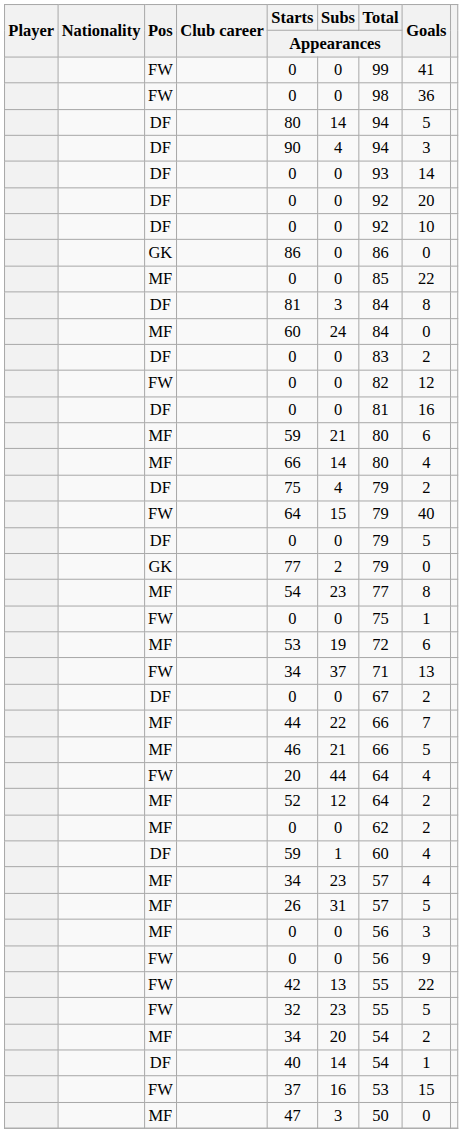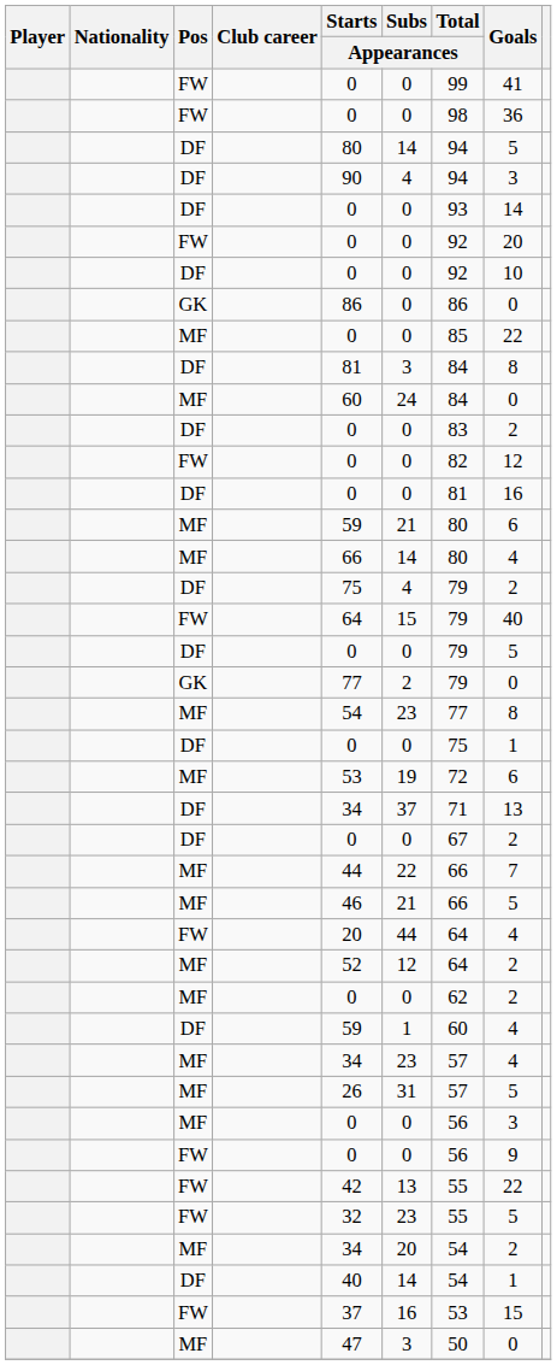 <table class="wikitable sortable plainrowheaders" style="text-align:center;">
 <tr>
 <th scope=col rowspan="2">Player</th>
 <th scope=col rowspan="2">Nationality</th>
 <th scope=col rowspan="2">Pos</th>
 <th scope=col rowspan="2">Club career</th>
 <th scope=col>Starts</th>
 <th scope=col>Subs</th>
 <th scope=col>Total</th>
 <th rowspan="2" scope=col>Goals</th>
 <th rowspan=2></th>
 </tr>
 <tr class=unsortable>
 <th scope=col colspan="3">Appearances</th>
 </tr>
 <tr>
 <th scope=row></th>
 <td style="text-align:left"></td>
 <td>FW</td>
 <td></td>
 <td>0</td>
 <td>0</td>
 <td>99</td>
 <td>41</td>
 <td></td>
 </tr>
 <tr>
 <th scope=row></th>
 <td style="text-align:left"></td>
 <td>FW</td>
 <td></td>
 <td>0</td>
 <td>0</td>
 <td>98</td>
 <td>36</td>
 <td></td>
 </tr>
 <tr>
 <th scope=row><strong></strong></th>
 <td style="text-align:left"></td>
 <td>DF</td>
 <td></td>
 <td>80</td>
 <td>14</td>
 <td>94</td>
 <td>5</td>
 <td></td>
 </tr>
 <tr>
 <th scope=row></th>
 <td style="text-align:left"></td>
 <td>DF</td>
 <td></td>
 <td>90</td>
 <td>4</td>
 <td>94</td>
 <td>3</td>
 <td></td>
 </tr>
 <tr>
 <th scope=row></th>
 <td style="text-align:left"></td>
 <td>DF</td>
 <td></td>
 <td>0</td>
 <td>0</td>
 <td>93</td>
 <td>14</td>
 <td></td>
 </tr>
 <tr>
 <th scope=row></th>
 <td style="text-align:left"></td>
-<td>DF</td>
+<td>FW</td>
 <td></td>
 <td>0</td>
 <td>0</td>
 <td>92</td>
 <td>20</td>
 <td></td>
 </tr>
 <tr>
 <th scope=row></th>
 <td style="text-align:left"></td>
 <td>DF</td>
 <td></td>
 <td>0</td>
 <td>0</td>
 <td>92</td>
 <td>10</td>
 <td></td>
 </tr>
 <tr>
 <th scope=row><strong></strong></th>
 <td style="text-align:left"></td>
 <td>GK</td>
 <td></td>
 <td>86</td>
 <td>0</td>
 <td>86</td>
 <td>0</td>
 <td></td>
 </tr>
 <tr>
 <th scope=row></th>
 <td style="text-align:left"></td>
 <td>MF</td>
 <td></td>
 <td>0</td>
 <td>0</td>
 <td>85</td>
 <td>22</td>
 <td></td>
 </tr>
 <tr>
 <th scope=row></th>
 <td style="text-align:left"></td>
 <td>DF</td>
 <td></td>
 <td>81</td>
 <td>3</td>
 <td>84</td>
 <td>8</td>
 <td></td>
 </tr>
 <tr>
 <th scope=row></th>
 <td style="text-align:left"></td>
 <td>MF</td>
 <td></td>
 <td>60</td>
 <td>24</td>
 <td>84</td>
 <td>0</td>
 <td></td>
 </tr>
 <tr>
 <th scope=row></th>
 <td style="text-align:left"></td>
 <td>DF</td>
 <td></td>
 <td>0</td>
 <td>0</td>
 <td>83</td>
 <td>2</td>
 <td></td>
 </tr>
 <tr>
 <th scope=row></th>
 <td style="text-align:left"></td>
 <td>FW</td>
 <td></td>
 <td>0</td>
 <td>0</td>
 <td>82</td>
 <td>12</td>
 <td></td>
 </tr>
 <tr>
 <th scope=row></th>
 <td style="text-align:left"></td>
 <td>DF</td>
 <td></td>
 <td>0</td>
 <td>0</td>
 <td>81</td>
 <td>16</td>
 <td></td>
 </tr>
 <tr>
 <th scope=row><strong></strong></th>
 <td style="text-align:left"></td>
 <td>MF</td>
 <td></td>
 <td>59</td>
 <td>21</td>
 <td>80</td>
 <td>6</td>
 <td></td>
 </tr>
 <tr>
 <th scope=row></th>
 <td style="text-align:left"></td>
 <td>MF</td>
 <td></td>
 <td>66</td>
 <td>14</td>
 <td>80</td>
 <td>4</td>
 <td></td>
 </tr>
 <tr>
 <th scope=row></th>
 <td style="text-align:left"></td>
 <td>DF</td>
 <td></td>
 <td>75</td>
 <td>4</td>
 <td>79</td>
 <td>2</td>
 <td></td>
 </tr>
 <tr>
 <th scope=row></th>
 <td style="text-align:left"></td>
 <td>FW</td>
 <td></td>
 <td>64</td>
 <td>15</td>
 <td>79</td>
 <td>40</td>
 <td></td>
 </tr>
 <tr>
 <th scope=row></th>
 <td style="text-align:left"></td>
 <td>DF</td>
 <td></td>
 <td>0</td>
 <td>0</td>
 <td>79</td>
 <td>5</td>
 <td></td>
 </tr>
 <tr>
 <th scope=row></th>
 <td style="text-align:left"></td>
 <td>GK</td>
 <td></td>
 <td>77</td>
 <td>2</td>
 <td>79</td>
 <td>0</td>
 <td></td>
 </tr>
 <tr>
 <th scope=row></th>
 <td style="text-align:left"></td>
 <td>MF</td>
 <td></td>
 <td>54</td>
 <td>23</td>
 <td>77</td>
 <td>8</td>
 <td></td>
 </tr>
 <tr>
 <th scope=row></th>
 <td style="text-align:left"></td>
-<td>FW</td>
+<td>DF</td>
 <td></td>
 <td>0</td>
 <td>0</td>
 <td>75</td>
 <td>1</td>
 <td></td>
 </tr>
 <tr>
 <th scope=row></th>
 <td style="text-align:left"></td>
 <td>MF</td>
 <td></td>
 <td>53</td>
 <td>19</td>
 <td>72</td>
 <td>6</td>
 <td></td>
 </tr>
 <tr>
 <th scope=row></th>
 <td style="text-align:left"></td>
-<td>FW</td>
+<td>DF</td>
 <td></td>
 <td>34</td>
 <td>37</td>
 <td>71</td>
 <td>13</td>
 <td></td>
 </tr>
 <tr>
 <th scope=row></th>
 <td style="text-align:left"></td>
 <td>DF</td>
 <td></td>
 <td>0</td>
 <td>0</td>
 <td>67</td>
 <td>2</td>
 <td></td>
 </tr>
 <tr>
 <th scope=row><strong></strong></th>
 <td style="text-align:left"></td>
 <td>MF</td>
 <td></td>
 <td>44</td>
 <td>22</td>
 <td>66</td>
 <td>7</td>
 <td></td>
 </tr>
 <tr>
 <th scope=row></th>
 <td style="text-align:left"></td>
 <td>MF</td>
 <td></td>
 <td>46</td>
 <td>21</td>
 <td>66</td>
 <td>5</td>
 <td></td>
 </tr>
 <tr>
 <th scope=row></th>
 <td style="text-align:left"></td>
 <td>FW</td>
 <td></td>
 <td>20</td>
 <td>44</td>
 <td>64</td>
 <td>4</td>
 <td></td>
 </tr>
 <tr>
 <th scope=row></th>
 <td style="text-align:left"></td>
 <td>MF</td>
 <td></td>
 <td>52</td>
 <td>12</td>
 <td>64</td>
 <td>2</td>
 <td></td>
 </tr>
 <tr>
 <th scope=row></th>
 <td style="text-align:left"></td>
 <td>MF</td>
 <td></td>
 <td>0</td>
 <td>0</td>
 <td>62</td>
 <td>2</td>
 <td></td>
 </tr>
 <tr>
 <th scope=row></th>
 <td style="text-align:left"></td>
 <td>DF</td>
 <td></td>
 <td>59</td>
 <td>1</td>
 <td>60</td>
 <td>4</td>
 <td></td>
 </tr>
 <tr>
 <th scope=row></th>
 <td style="text-align:left"></td>
 <td>MF</td>
 <td></td>
 <td>34</td>
 <td>23</td>
 <td>57</td>
 <td>4</td>
 <td></td>
 </tr>
 <tr>
 <th scope=row></th>
 <td style="text-align:left"></td>
 <td>MF</td>
 <td></td>
 <td>26</td>
 <td>31</td>
 <td>57</td>
 <td>5</td>
 <td></td>
 </tr>
 <tr>
 <th scope=row></th>
 <td style="text-align:left"></td>
 <td>MF</td>
 <td></td>
 <td>0</td>
 <td>0</td>
 <td>56</td>
 <td>3</td>
 <td></td>
 </tr>
 <tr>
 <th scope=row></th>
 <td style="text-align:left"></td>
 <td>FW</td>
 <td></td>
 <td>0</td>
 <td>0</td>
 <td>56</td>
 <td>9</td>
 <td></td>
 </tr>
 <tr>
 <th scope=row></th>
 <td style="text-align:left"></td>
 <td>FW</td>
 <td></td>
 <td>42</td>
 <td>13</td>
 <td>55</td>
 <td>22</td>
 <td></td>
 </tr>
 <tr>
 <th scope=row></th>
 <td style="text-align:left"></td>
 <td>FW</td>
 <td></td>
 <td>32</td>
 <td>23</td>
 <td>55</td>
 <td>5</td>
 <td></td>
 </tr>
 <tr>
 <th scope=row></th>
 <td style="text-align:left"></td>
 <td>MF</td>
 <td></td>
 <td>34</td>
 <td>20</td>
 <td>54</td>
 <td>2</td>
 <td></td>
 </tr>
 <tr>
 <th scope=row><strong></strong></th>
 <td style="text-align:left"></td>
 <td>DF</td>
 <td></td>
 <td>40</td>
 <td>14</td>
 <td>54</td>
 <td>1</td>
 <td></td>
 </tr>
 <tr>
 <th scope=row></th>
 <td style="text-align:left"></td>
 <td>FW</td>
 <td></td>
 <td>37</td>
 <td>16</td>
 <td>53</td>
 <td>15</td>
 <td></td>
 </tr>
 <tr>
 <th scope=row></th>
 <td style="text-align:left"></td>
 <td>MF</td>
 <td></td>
 <td>47</td>
 <td>3</td>
 <td>50</td>
 <td>0</td>
 <td></td>
 </tr>
 <tr>
 </tr>
 </table>
